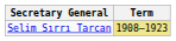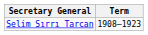 <table class="wikitable">
 <tr>
 <th>Secretary General</th>
 <th>Term</th>
 </tr>
 <tr>
 <td><a href='#'>Selim Sırrı Tarcan</a></td>
-<td style="background: khaki;">1908–1923</td>
+<td>1908–1923</td>
 </tr>
 </table>
